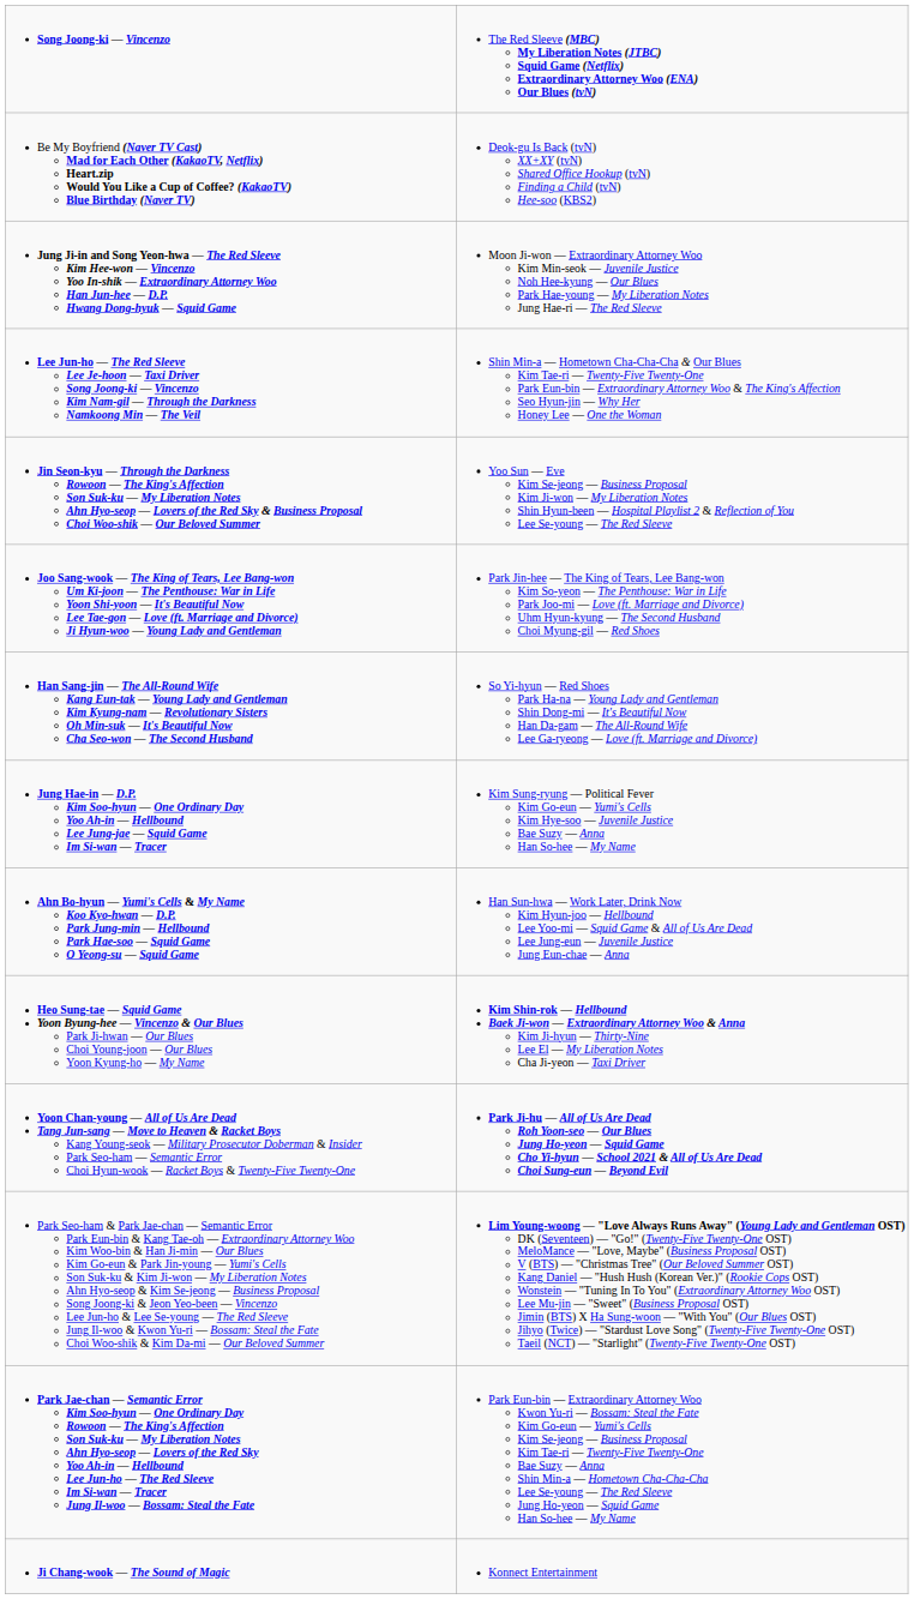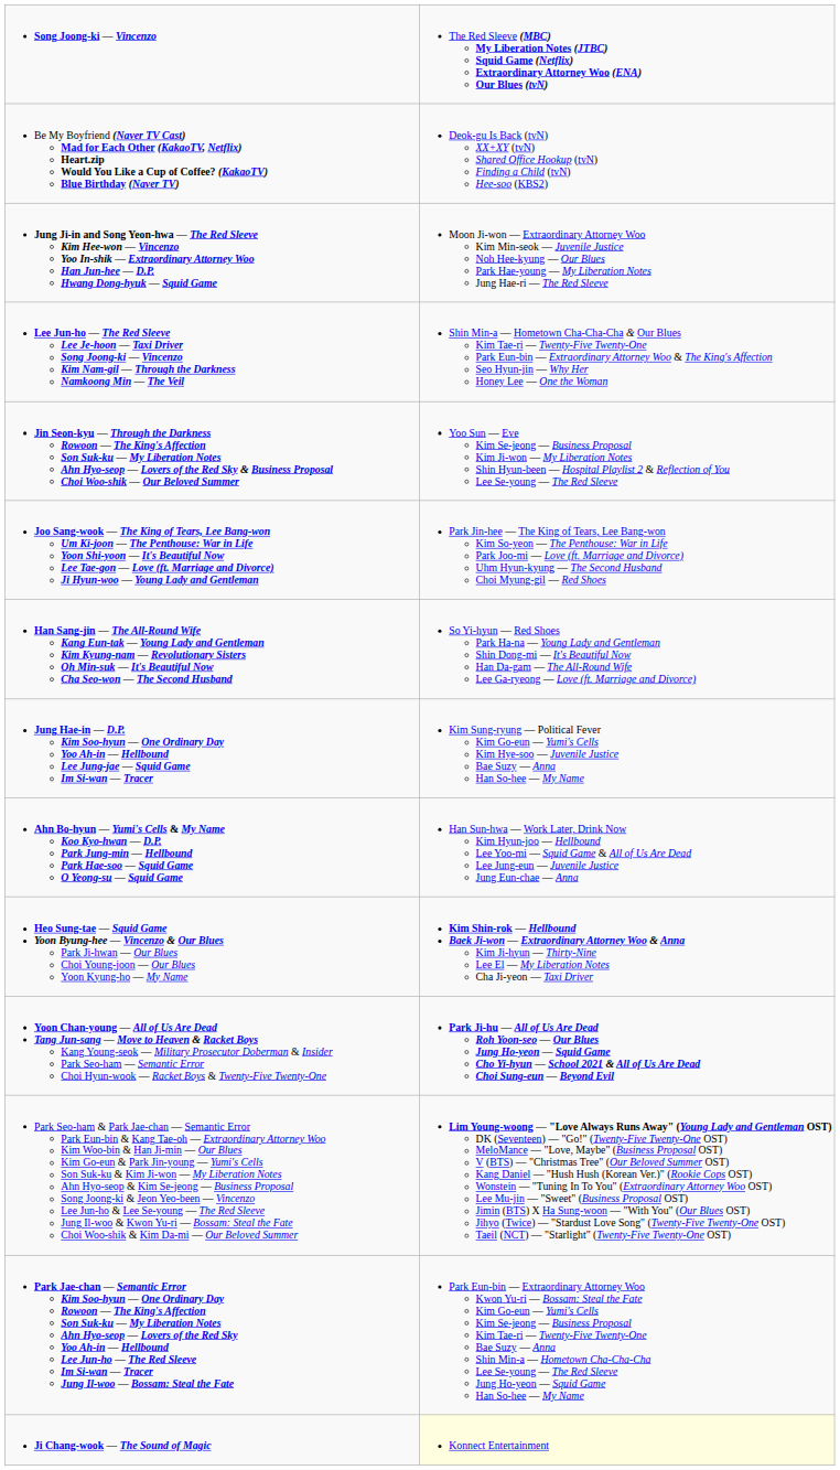 <table class="wikitable" align="center">
 <tr>
 <td style="vertical-align:top; width:50%;"><br><ul><li><strong><a href='#'>Song Joong-ki</a> — <em><a href='#'>Vincenzo</a><strong><em></li></ul></td>
 <td style="vertical-align:top; width:50%;"><br><ul><li></em></strong><a href='#'>The Red Sleeve</a><strong><em> (<a href='#'>MBC</a>)  <ul><li></em><a href='#'>My Liberation Notes</a><em> (<a href='#'>JTBC</a>)</li><li></em><a href='#'>Squid Game</a><em> (<a href='#'>Netflix</a>)</li><li></em><a href='#'>Extraordinary Attorney Woo</a><em> (<a href='#'>ENA</a>)</li><li></em><a href='#'>Our Blues</a><em> (<a href='#'>tvN</a>)</li></ul></li></ul></td>
 </tr>
 <tr>
 <td style="vertical-align:top; width:50%;"><br><ul><li></em></strong>Be My Boyfriend<strong><em> (<a href='#'>Naver TV Cast</a>)<ul><li></em><a href='#'>Mad for Each Other</a><em> (<a href='#'>KakaoTV</a>, <a href='#'>Netflix</a>)</li><li></em>Heart.zip<em></li><li></em>Would You Like a Cup of Coffee?<em> (<a href='#'>KakaoTV</a>)</li><li></em><a href='#'>Blue Birthday</a><em> (<a href='#'>Naver TV</a>)</li></ul></li></ul></td>
 <td style="vertical-align:top; width:50%;"><br><ul><li></em></strong><a href='#'>Deok-gu Is Back</a></em> (<a href='#'>tvN</a>)</strong><ul><li><em><a href='#'>XX+XY</a></em> (<a href='#'>tvN</a>)</li><li><em><a href='#'>Shared Office Hookup</a></em> (<a href='#'>tvN</a>)</li><li><em><a href='#'>Finding a Child</a></em> (<a href='#'>tvN</a>)</li><li><em><a href='#'>Hee-soo</a></em> (<a href='#'>KBS2</a>)</li></ul></li></ul></td>
 </tr>
 <tr>
 <td style="vertical-align:top; width:50%;"><br><ul><li><strong>Jung Ji-in and Song Yeon-hwa — <em><a href='#'>The Red Sleeve</a><strong><em><ul><li>Kim Hee-won — </em><a href='#'>Vincenzo</a><em></li><li>Yoo In-shik — </em><a href='#'>Extraordinary Attorney Woo</a><em></li><li><a href='#'>Han Jun-hee</a> — </em><a href='#'>D.P.</a><em></li><li><a href='#'>Hwang Dong-hyuk</a> — </em><a href='#'>Squid Game</a><em></li></ul></li></ul></td>
 <td style="vertical-align:top; width:50%;"><br><ul><li></strong>Moon Ji-won — </em><a href='#'>Extraordinary Attorney Woo</a></em></strong><ul><li>Kim Min-seok — <em><a href='#'>Juvenile Justice</a></em></li><li><a href='#'>Noh Hee-kyung</a> — <em><a href='#'>Our Blues</a></em></li><li><a href='#'>Park Hae-young</a> — <em><a href='#'>My Liberation Notes</a></em></li><li>Jung Hae-ri — <em><a href='#'>The Red Sleeve</a></em></li></ul></li></ul></td>
 </tr>
 <tr>
 <td style="vertical-align:top; width:50%;"><br><ul><li><strong><a href='#'>Lee Jun-ho</a> — <em><a href='#'>The Red Sleeve</a><strong><em><ul><li><a href='#'>Lee Je-hoon</a> — </em><a href='#'>Taxi Driver</a><em></li><li><a href='#'>Song Joong-ki</a> — </em><a href='#'>Vincenzo</a><em></li><li><a href='#'>Kim Nam-gil</a> — </em><a href='#'>Through the Darkness</a><em></li><li><a href='#'>Namkoong Min</a> — </em><a href='#'>The Veil</a><em></li></ul></li></ul></td>
 <td style="vertical-align:top; width:50%;"><br><ul><li></strong><a href='#'>Shin Min-a</a> — </em><a href='#'>Hometown Cha-Cha-Cha</a><em> & </em><a href='#'>Our Blues</a></em></strong><ul><li><a href='#'>Kim Tae-ri</a> — <em><a href='#'>Twenty-Five Twenty-One</a></em></li><li><a href='#'>Park Eun-bin</a> — <em><a href='#'>Extraordinary Attorney Woo</a></em> & <em><a href='#'>The King's Affection</a></em></li><li><a href='#'>Seo Hyun-jin</a> — <em><a href='#'>Why Her</a></em></li><li><a href='#'>Honey Lee</a> — <em><a href='#'>One the Woman</a></em></li></ul></li></ul></td>
 </tr>
 <tr>
 <td style="vertical-align:top; width:50%;"><br><ul><li><strong><a href='#'>Jin Seon-kyu</a> — <em><a href='#'>Through the Darkness</a><strong><em><ul><li><a href='#'>Rowoon</a> — </em><a href='#'>The King's Affection</a><em></li><li><a href='#'>Son Suk-ku</a> — </em><a href='#'>My Liberation Notes</a><em></li><li><a href='#'>Ahn Hyo-seop</a> — </em><a href='#'>Lovers of the Red Sky</a><em> & </em><a href='#'>Business Proposal</a><em></li><li><a href='#'>Choi Woo-shik</a> — </em><a href='#'>Our Beloved Summer</a><em></li></ul></li></ul></td>
 <td style="vertical-align:top; width:50%;"><br><ul><li></strong><a href='#'>Yoo Sun</a> — </em><a href='#'>Eve</a></em></strong><ul><li><a href='#'>Kim Se-jeong</a> — <em><a href='#'>Business Proposal</a></em></li><li><a href='#'>Kim Ji-won</a> — <em><a href='#'>My Liberation Notes</a></em></li><li><a href='#'>Shin Hyun-been</a> — <em><a href='#'>Hospital Playlist 2</a></em> & <em><a href='#'>Reflection of You</a></em></li><li><a href='#'>Lee Se-young</a> — <em><a href='#'>The Red Sleeve</a></em></li></ul></li></ul></td>
 </tr>
 <tr>
 <td style="vertical-align:top; width:50%;"><br><ul><li><strong><a href='#'>Joo Sang-wook</a> — <em><a href='#'>The King of Tears, Lee Bang-won</a><strong><em><ul><li><a href='#'>Um Ki-joon</a> — </em><a href='#'>The Penthouse: War in Life</a><em></li><li><a href='#'>Yoon Shi-yoon</a> — </em><a href='#'>It's Beautiful Now</a><em></li><li><a href='#'>Lee Tae-gon</a> — </em><a href='#'>Love (ft. Marriage and Divorce)</a><em></li><li><a href='#'>Ji Hyun-woo</a> — </em><a href='#'>Young Lady and Gentleman</a><em></li></ul></li></ul></td>
 <td style="vertical-align:top; width:50%;"><br><ul><li></strong><a href='#'>Park Jin-hee</a> — </em><a href='#'>The King of Tears, Lee Bang-won</a></em></strong><ul><li><a href='#'>Kim So-yeon</a> — <em><a href='#'>The Penthouse: War in Life</a></em></li><li><a href='#'>Park Joo-mi</a> — <em><a href='#'>Love (ft. Marriage and Divorce)</a></em></li><li><a href='#'>Uhm Hyun-kyung</a> — <em><a href='#'>The Second Husband</a></em></li><li><a href='#'>Choi Myung-gil</a> — <em><a href='#'>Red Shoes</a></em></li></ul></li></ul></td>
 </tr>
 <tr>
 <td style="vertical-align:top; width:50%;"><br><ul><li><strong><a href='#'>Han Sang-jin</a> — <em><a href='#'>The All-Round Wife</a><strong><em><ul><li><a href='#'>Kang Eun-tak</a> — </em><a href='#'>Young Lady and Gentleman</a><em></li><li><a href='#'>Kim Kyung-nam</a> — </em><a href='#'>Revolutionary Sisters</a><em></li><li><a href='#'>Oh Min-suk</a> — </em><a href='#'>It's Beautiful Now</a><em></li><li><a href='#'>Cha Seo-won</a> — </em><a href='#'>The Second Husband</a><em></li></ul></li></ul></td>
 <td style="vertical-align:top; width:50%;"><br><ul><li></strong><a href='#'>So Yi-hyun</a> — </em><a href='#'>Red Shoes</a></em></strong><ul><li><a href='#'>Park Ha-na</a> — <em><a href='#'>Young Lady and Gentleman</a></em></li><li><a href='#'>Shin Dong-mi</a> — <em><a href='#'>It's Beautiful Now</a></em></li><li><a href='#'>Han Da-gam</a> — <em><a href='#'>The All-Round Wife</a></em></li><li><a href='#'>Lee Ga-ryeong</a> — <em><a href='#'>Love (ft. Marriage and Divorce)</a></em></li></ul></li></ul></td>
 </tr>
 <tr>
 <td style="vertical-align:top; width:50%;"><br><ul><li><strong><a href='#'>Jung Hae-in</a> — <em><a href='#'>D.P.</a><strong><em><ul><li><a href='#'>Kim Soo-hyun</a> — </em><a href='#'>One Ordinary Day</a><em></li><li><a href='#'>Yoo Ah-in</a> — </em><a href='#'>Hellbound</a><em></li><li><a href='#'>Lee Jung-jae</a> — </em><a href='#'>Squid Game</a><em></li><li><a href='#'>Im Si-wan</a> — </em><a href='#'>Tracer</a><em></li></ul></li></ul></td>
 <td style="vertical-align:top; width:50%;"><br><ul><li></strong><a href='#'>Kim Sung-ryung</a> — </em>Political Fever</em></strong><ul><li><a href='#'>Kim Go-eun</a> — <em><a href='#'>Yumi's Cells</a></em></li><li><a href='#'>Kim Hye-soo</a> — <em><a href='#'>Juvenile Justice</a></em></li><li><a href='#'>Bae Suzy</a> — <em><a href='#'>Anna</a></em></li><li><a href='#'>Han So-hee</a> — <em><a href='#'>My Name</a></em></li></ul></li></ul></td>
 </tr>
 <tr>
 <td style="vertical-align:top; width:50%;"><br><ul><li><strong><a href='#'>Ahn Bo-hyun</a> — <em><a href='#'>Yumi's Cells</a></em> & <em><a href='#'>My Name</a><strong><em><ul><li><a href='#'>Koo Kyo-hwan</a> — </em><a href='#'>D.P.</a><em></li><li><a href='#'>Park Jung-min</a> — </em><a href='#'>Hellbound</a><em></li><li><a href='#'>Park Hae-soo</a> — </em><a href='#'>Squid Game</a><em></li><li><a href='#'>O Yeong-su</a> — </em><a href='#'>Squid Game</a><em></li></ul></li></ul></td>
 <td style="vertical-align:top; width:50%;"><br><ul><li></strong><a href='#'>Han Sun-hwa</a> — </em><a href='#'>Work Later, Drink Now</a></em></strong><ul><li><a href='#'>Kim Hyun-joo</a> — <em><a href='#'>Hellbound</a></em></li><li><a href='#'>Lee Yoo-mi</a> — <em><a href='#'>Squid Game</a></em> & <em><a href='#'>All of Us Are Dead</a></em></li><li><a href='#'>Lee Jung-eun</a> — <em><a href='#'>Juvenile Justice</a></em></li><li><a href='#'>Jung Eun-chae</a> — <em><a href='#'>Anna</a></em></li></ul></li></ul></td>
 </tr>
 <tr>
 <td style="vertical-align:top; width:50%;"><br><ul><li><strong><a href='#'>Heo Sung-tae</a> — <em><a href='#'>Squid Game</a><strong><em></li><li></strong>Yoon Byung-hee — </em><a href='#'>Vincenzo</a><em> & </em><a href='#'>Our Blues</a></em></strong><ul><li><a href='#'>Park Ji-hwan</a> — <em><a href='#'>Our Blues</a></em></li><li><a href='#'>Choi Young-joon</a> — <em><a href='#'>Our Blues</a></em></li><li><a href='#'>Yoon Kyung-ho</a> — <em><a href='#'>My Name</a></em></li></ul></li></ul></td>
 <td style="vertical-align:top; width:50%;"><br><ul><li><strong><a href='#'>Kim Shin-rok</a> — <em><a href='#'>Hellbound</a><strong><em></li><li></strong><a href='#'>Baek Ji-won</a> — </em><a href='#'>Extraordinary Attorney Woo</a><em> & </em><a href='#'>Anna</a></em></strong><ul><li><a href='#'>Kim Ji-hyun</a> — <em><a href='#'>Thirty-Nine</a></em></li><li><a href='#'>Lee El</a> — <em><a href='#'>My Liberation Notes</a></em></li><li>Cha Ji-yeon — <em><a href='#'>Taxi Driver</a></em></li></ul></li></ul></td>
 </tr>
 <tr>
 <td style="vertical-align:top; width:50%;"><br><ul><li><strong><a href='#'>Yoon Chan-young</a> — <em><a href='#'>All of Us Are Dead</a><strong><em></li><li></strong><a href='#'>Tang Jun-sang</a> — </em><a href='#'>Move to Heaven</a><em> & </em><a href='#'>Racket Boys</a></em></strong><ul><li><a href='#'>Kang Young-seok</a> — <em><a href='#'>Military Prosecutor Doberman</a></em> & <em><a href='#'>Insider</a></em></li><li><a href='#'>Park Seo-ham</a> — <em><a href='#'>Semantic Error</a></em></li><li><a href='#'>Choi Hyun-wook</a> — <em><a href='#'>Racket Boys</a></em> & <em><a href='#'>Twenty-Five Twenty-One</a></em></li></ul></li></ul></td>
 <td style="vertical-align:top; width:50%;"><br><ul><li><strong><a href='#'>Park Ji-hu</a> — <em><a href='#'>All of Us Are Dead</a><strong><em><ul><li><a href='#'>Roh Yoon-seo</a> — </em><a href='#'>Our Blues</a><em></li><li><a href='#'>Jung Ho-yeon</a> — </em><a href='#'>Squid Game</a><em></li><li><a href='#'>Cho Yi-hyun</a> — </em><a href='#'>School 2021</a><em> & </em><a href='#'>All of Us Are Dead</a><em></li><li><a href='#'>Choi Sung-eun</a> — </em><a href='#'>Beyond Evil</a><em></li></ul></li></ul></td>
 </tr>
 <tr>
 <td style="vertical-align:top; width:50%;"><br><ul><li></strong><a href='#'>Park Seo-ham</a> & <a href='#'>Park Jae-chan</a> — </em><a href='#'>Semantic Error</a></em></strong><ul><li><a href='#'>Park Eun-bin</a> & <a href='#'>Kang Tae-oh</a> — <em><a href='#'>Extraordinary Attorney Woo</a></em></li><li><a href='#'>Kim Woo-bin</a> & <a href='#'>Han Ji-min</a> — <em><a href='#'>Our Blues</a></em></li><li><a href='#'>Kim Go-eun</a> & <a href='#'>Park Jin-young</a>  — <em><a href='#'>Yumi's Cells</a></em></li><li><a href='#'>Son Suk-ku</a> & <a href='#'>Kim Ji-won</a> — <em><a href='#'>My Liberation Notes</a></em></li><li><a href='#'>Ahn Hyo-seop</a> & <a href='#'>Kim Se-jeong</a> — <em><a href='#'>Business Proposal</a></em></li><li><a href='#'>Song Joong-ki</a> & <a href='#'>Jeon Yeo-been</a> — <em><a href='#'>Vincenzo</a></em></li><li><a href='#'>Lee Jun-ho</a> & <a href='#'>Lee Se-young</a> — <em><a href='#'>The Red Sleeve</a></em></li><li><a href='#'>Jung Il-woo</a> & <a href='#'>Kwon Yu-ri</a>  — <em><a href='#'>Bossam: Steal the Fate</a></em></li><li><a href='#'>Choi Woo-shik</a> & <a href='#'>Kim Da-mi</a> — <em><a href='#'>Our Beloved Summer</a></em></li></ul></li></ul></td>
 <td style="vertical-align:top; width:50%;"><br><ul><li><strong><a href='#'>Lim Young-woong</a> — "Love Always Runs Away" (<em><a href='#'>Young Lady and Gentleman</a></em> OST)</strong><ul><li>DK (<a href='#'>Seventeen</a>) — "Go!" (<em><a href='#'>Twenty-Five Twenty-One</a></em>  OST)</li><li><a href='#'>MeloMance</a> — "Love, Maybe" (<em><a href='#'>Business Proposal</a></em>  OST)</li><li><a href='#'>V</a> (<a href='#'>BTS</a>) — "Christmas Tree" (<em><a href='#'>Our Beloved Summer</a></em> OST)</li><li><a href='#'>Kang Daniel</a> — "Hush Hush (Korean Ver.)" (<em><a href='#'>Rookie Cops</a></em> OST)</li><li><a href='#'>Wonstein</a> — "Tuning In To You" (<em><a href='#'>Extraordinary Attorney Woo</a></em> OST)</li><li><a href='#'>Lee Mu-jin</a> — "Sweet" (<em><a href='#'>Business Proposal</a></em>  OST)</li><li><a href='#'>Jimin</a> (<a href='#'>BTS</a>) X <a href='#'>Ha Sung-woon</a> — "With You" (<em><a href='#'>Our Blues</a></em> OST)</li><li><a href='#'>Jihyo</a> (<a href='#'>Twice</a>) — "Stardust Love Song" (<em><a href='#'>Twenty-Five Twenty-One</a></em> OST)</li><li><a href='#'>Taeil</a> (<a href='#'>NCT</a>) — "Starlight" (<em><a href='#'>Twenty-Five Twenty-One</a></em> OST)</li></ul></li></ul></td>
 </tr>
 <tr>
 <td style="vertical-align:top; width:50%;"><br><ul><li><strong><a href='#'>Park Jae-chan</a> — <em><a href='#'>Semantic Error</a><strong><em><ul><li><a href='#'>Kim Soo-hyun</a> — </em><a href='#'>One Ordinary Day</a><em></li><li><a href='#'>Rowoon</a> — </em><a href='#'>The King's Affection</a><em></li><li><a href='#'>Son Suk-ku</a> — </em><a href='#'>My Liberation Notes</a><em></li><li><a href='#'>Ahn Hyo-seop</a> — </em><a href='#'>Lovers of the Red Sky</a><em></li><li><a href='#'>Yoo Ah-in</a> — </em><a href='#'>Hellbound</a><em></li><li><a href='#'>Lee Jun-ho</a> — </em><a href='#'>The Red Sleeve</a><em></li><li><a href='#'>Im Si-wan</a> — </em><a href='#'>Tracer</a><em></li><li><a href='#'>Jung Il-woo</a> — </em><a href='#'>Bossam: Steal the Fate</a><em></li></ul></li></ul></td>
 <td style="vertical-align:top; width:50%;"><br><ul><li></strong><a href='#'>Park Eun-bin</a>  — </em><a href='#'>Extraordinary Attorney Woo</a></em></strong><ul><li><a href='#'>Kwon Yu-ri</a> — <em><a href='#'>Bossam: Steal the Fate</a></em></li><li><a href='#'>Kim Go-eun</a> — <em><a href='#'>Yumi's Cells</a></em></li><li><a href='#'>Kim Se-jeong</a> — <em><a href='#'>Business Proposal</a></em></li><li><a href='#'>Kim Tae-ri</a> — <em><a href='#'>Twenty-Five Twenty-One</a></em></li><li><a href='#'>Bae Suzy</a> — <em><a href='#'>Anna</a></em></li><li><a href='#'>Shin Min-a</a> — <em><a href='#'>Hometown Cha-Cha-Cha</a></em></li><li><a href='#'>Lee Se-young</a> — <em><a href='#'>The Red Sleeve</a></em></li><li><a href='#'>Jung Ho-yeon</a> — <em><a href='#'>Squid Game</a></em></li><li><a href='#'>Han So-hee</a> — <em><a href='#'>My Name</a></em></li></ul></li></ul></td>
 </tr>
 <tr>
 <td style="vertical-align:top; width:50%;"><br><ul><li><strong><a href='#'>Ji Chang-wook</a> — <em><a href='#'>The Sound of Magic</a><strong><em></li></ul></td>
-<td style="vertical-align:top; width:50%;"><br><ul><li></strong><a href='#'>Konnect Entertainment</a><strong></li></ul></td>
+<td style="background: lightyellow; vertical-align:top; width:50%;"><br><ul><li></strong><a href='#'>Konnect Entertainment</a><strong></li></ul></td>
 </tr>
 </table>
